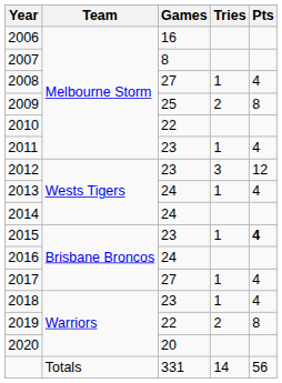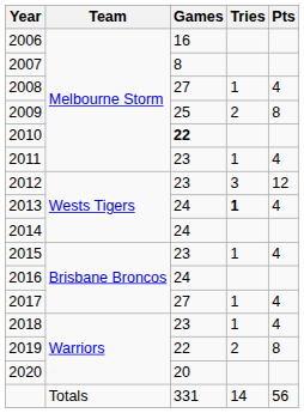 <table class="wikitable">
 <tr>
 <th>Year</th>
 <th>Team</th>
 <th>Games</th>
 <th>Tries</th>
 <th>Pts</th>
 </tr>
 <tr>
 <td>2006</td>
 <td rowspan="6"> <a href='#'>Melbourne Storm</a></td>
 <td>16</td>
 <td></td>
 <td></td>
 </tr>
 <tr>
 <td>2007</td>
 <td>8</td>
 <td></td>
 <td></td>
 </tr>
 <tr>
 <td>2008</td>
 <td>27</td>
 <td>1</td>
 <td>4</td>
 </tr>
 <tr>
 <td>2009</td>
 <td>25</td>
 <td>2</td>
 <td>8</td>
 </tr>
 <tr>
 <td>2010</td>
-<td>22</td>
+<td><strong>22</strong></td>
 <td></td>
 <td></td>
 </tr>
 <tr>
 <td>2011</td>
 <td>23</td>
 <td>1</td>
 <td>4</td>
 </tr>
 <tr>
 <td>2012</td>
 <td rowspan="3"> <a href='#'>Wests Tigers</a></td>
 <td>23</td>
 <td>3</td>
 <td>12</td>
 </tr>
 <tr>
 <td>2013</td>
 <td>24</td>
-<td>1</td>
+<td><strong>1</strong></td>
 <td>4</td>
 </tr>
 <tr>
 <td>2014</td>
 <td>24</td>
 <td></td>
 <td></td>
 </tr>
 <tr>
 <td>2015</td>
 <td rowspan="3"> <a href='#'>Brisbane Broncos</a></td>
 <td>23</td>
 <td>1</td>
-<td><strong>4</strong></td>
+<td>4</td>
 </tr>
 <tr>
 <td>2016</td>
 <td>24</td>
 <td></td>
 <td></td>
 </tr>
 <tr>
 <td>2017</td>
 <td>27</td>
 <td>1</td>
 <td>4</td>
 </tr>
 <tr>
 <td>2018</td>
 <td rowspan="3"> <a href='#'>Warriors</a></td>
 <td>23</td>
 <td>1</td>
 <td>4</td>
 </tr>
 <tr>
 <td>2019</td>
 <td>22</td>
 <td>2</td>
 <td>8</td>
 </tr>
 <tr>
 <td>2020</td>
 <td>20</td>
 <td></td>
 <td></td>
 </tr>
 <tr>
 <td></td>
 <td>Totals</td>
 <td>331</td>
 <td>14</td>
 <td>56</td>
 </tr>
 </table>
